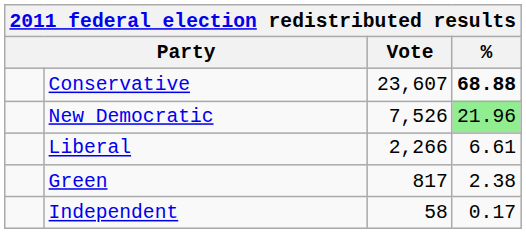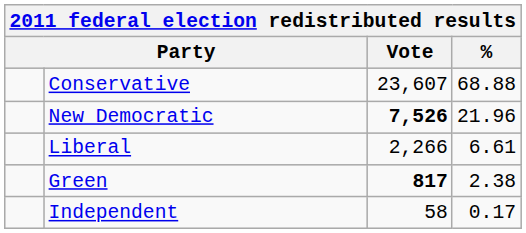 <table class="wikitable">
 <tr>
 <th colspan="4"><a href='#'>2011 federal election</a> redistributed results</th>
 </tr>
 <tr>
 <th bgcolor="#DDDDFF" width="130px" colspan="2">Party</th>
 <th bgcolor="#DDDDFF" width="50px">Vote</th>
 <th bgcolor="#DDDDFF" width="30px">%</th>
 </tr>
 <tr>
 <td> </td>
 <td><a href='#'>Conservative</a></td>
 <td align=right>23,607</td>
-<td align=right><strong>68.88</strong></td>
+<td align=right>68.88</td>
 </tr>
 <tr>
 <td> </td>
 <td><a href='#'>New Democratic</a></td>
-<td align=right>7,526</td>
-<td align=right style="background: lightgreen;">21.96</td>
+<td align=right><strong>7,526</strong></td>
+<td align=right>21.96</td>
 </tr>
 <tr>
 <td> </td>
 <td><a href='#'>Liberal</a></td>
 <td align=right>2,266</td>
 <td align=right>6.61</td>
 </tr>
 <tr>
 <td> </td>
 <td><a href='#'>Green</a></td>
-<td align=right>817</td>
+<td align=right><strong>817</strong></td>
 <td align=right>2.38</td>
 </tr>
 <tr>
 <td> </td>
 <td><a href='#'>Independent</a></td>
 <td align=right>58</td>
 <td align=right>0.17</td>
 </tr>
 </table>
